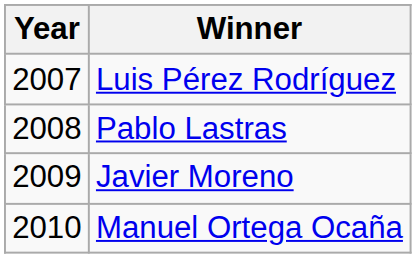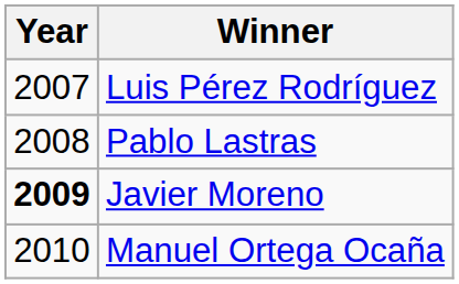 <table class="wikitable">
 <tr>
 <th>Year</th>
 <th>Winner</th>
 </tr>
 <tr>
 <td>2007</td>
 <td> <a href='#'>Luis Pérez Rodríguez</a></td>
 </tr>
 <tr>
 <td>2008</td>
 <td> <a href='#'>Pablo Lastras</a></td>
 </tr>
 <tr>
-<td>2009</td>
+<td><strong>2009</strong></td>
 <td> <a href='#'>Javier Moreno</a></td>
 </tr>
 <tr>
 <td>2010</td>
 <td> <a href='#'>Manuel Ortega Ocaña</a></td>
 </tr>
 </table>
